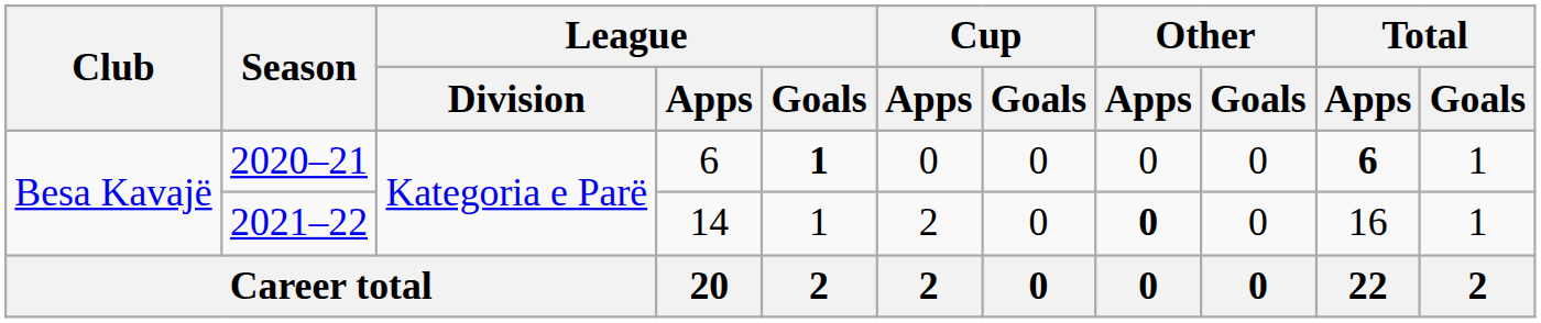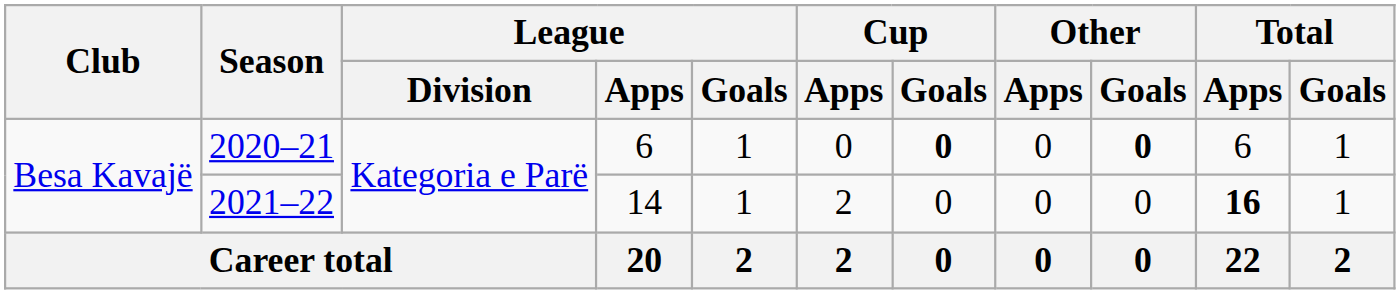 <table class=wikitable style=text-align:center>
 <tr>
 <th rowspan=2>Club</th>
 <th rowspan=2>Season</th>
 <th colspan=3>League</th>
 <th colspan=2>Cup</th>
 <th colspan=2>Other</th>
 <th colspan=2>Total</th>
 </tr>
 <tr>
 <th>Division</th>
 <th>Apps</th>
 <th>Goals</th>
 <th>Apps</th>
 <th>Goals</th>
 <th>Apps</th>
 <th>Goals</th>
 <th>Apps</th>
 <th>Goals</th>
 </tr>
 <tr>
 <td rowspan="2"><a href='#'>Besa Kavajë</a></td>
 <td><a href='#'>2020–21</a></td>
 <td rowspan="2"><a href='#'>Kategoria e Parë</a></td>
 <td>6</td>
-<td><strong>1</strong></td>
+<td>1</td>
 <td>0</td>
+<td><strong>0</strong></td>
 <td>0</td>
-<td>0</td>
-<td>0</td>
-<td><strong>6</strong></td>
+<td><strong>0</strong></td>
+<td>6</td>
 <td>1</td>
 </tr>
 <tr>
 <td><a href='#'>2021–22</a></td>
 <td>14</td>
 <td>1</td>
 <td>2</td>
 <td>0</td>
-<td><strong>0</strong></td>
 <td>0</td>
-<td>16</td>
+<td>0</td>
+<td><strong>16</strong></td>
 <td>1</td>
 </tr>
 <tr>
 <th colspan=3>Career total</th>
 <th>20</th>
 <th>2</th>
 <th>2</th>
 <th>0</th>
 <th>0</th>
 <th>0</th>
 <th>22</th>
 <th>2</th>
 </tr>
 </table>
